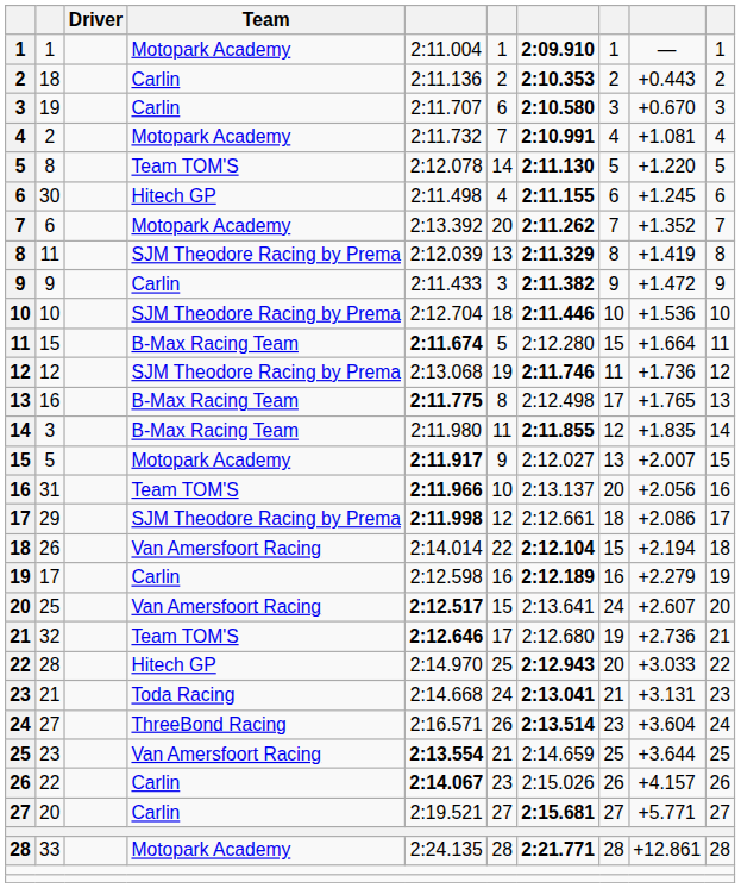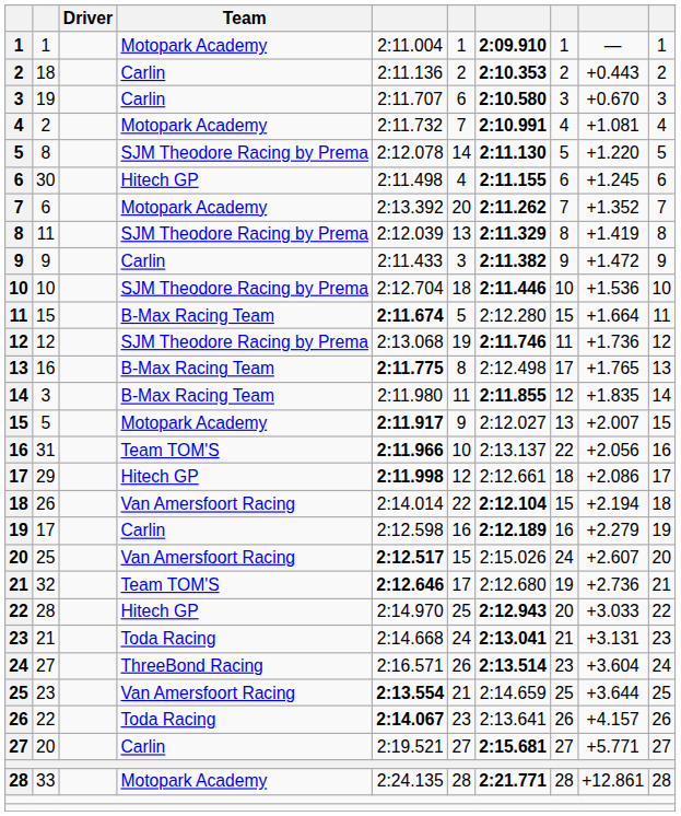 <table class="wikitable" style="font-size:85%;">
 <tr>
 <th scope="col"></th>
 <th scope="col"></th>
 <th scope="col">Driver</th>
 <th scope="col">Team</th>
 <th scope="col"></th>
 <th scope="col"></th>
 <th scope="col"></th>
 <th scope="col"></th>
 <th scope="col"></th>
 <th scope="col"></th>
 </tr>
 <tr>
 <th scope="row">1</th>
 <td align=center>1</td>
 <td></td>
 <td><a href='#'>Motopark Academy</a></td>
 <td align="center">2:11.004</td>
 <td align="center">1</td>
 <td align="center"><strong>2:09.910</strong></td>
 <td align="center">1</td>
 <td align="center">—</td>
 <td align="center">1</td>
 </tr>
 <tr>
 <th scope="row">2</th>
 <td align=center>18</td>
 <td></td>
 <td><a href='#'>Carlin</a></td>
 <td align="center">2:11.136</td>
 <td align="center">2</td>
 <td align="center"><strong>2:10.353</strong></td>
 <td align="center">2</td>
 <td align="center">+0.443</td>
 <td align="center">2</td>
 </tr>
 <tr>
 <th scope="row">3</th>
 <td align=center>19</td>
 <td></td>
 <td><a href='#'>Carlin</a></td>
 <td align="center">2:11.707</td>
 <td align="center">6</td>
 <td align="center"><strong>2:10.580</strong></td>
 <td align="center">3</td>
 <td align="center">+0.670</td>
 <td align="center">3</td>
 </tr>
 <tr>
 <th scope="row">4</th>
 <td align=center>2</td>
 <td></td>
 <td><a href='#'>Motopark Academy</a></td>
 <td align="center">2:11.732</td>
 <td align="center">7</td>
 <td align="center"><strong>2:10.991</strong></td>
 <td align="center">4</td>
 <td align="center">+1.081</td>
 <td align="center">4</td>
 </tr>
 <tr>
 <th scope="row">5</th>
 <td align=center>8</td>
 <td></td>
-<td><a href='#'>Team TOM'S</a></td>
+<td><a href='#'>SJM Theodore Racing by Prema</a></td>
 <td align="center">2:12.078</td>
 <td align="center">14</td>
 <td align="center"><strong>2:11.130</strong></td>
 <td align="center">5</td>
 <td align="center">+1.220</td>
 <td align="center">5</td>
 </tr>
 <tr>
 <th scope="row">6</th>
 <td align=center>30</td>
 <td></td>
 <td><a href='#'>Hitech GP</a></td>
 <td align="center">2:11.498</td>
 <td align="center">4</td>
 <td align="center"><strong>2:11.155</strong></td>
 <td align="center">6</td>
 <td align="center">+1.245</td>
 <td align="center">6</td>
 </tr>
 <tr>
 <th scope="row">7</th>
 <td align=center>6</td>
 <td></td>
 <td><a href='#'>Motopark Academy</a></td>
 <td align="center">2:13.392</td>
 <td align="center">20</td>
 <td align="center"><strong>2:11.262</strong></td>
 <td align="center">7</td>
 <td align="center">+1.352</td>
 <td align="center">7</td>
 </tr>
 <tr>
 <th scope="row">8</th>
 <td align=center>11</td>
 <td></td>
 <td><a href='#'>SJM Theodore Racing by Prema</a></td>
 <td align="center">2:12.039</td>
 <td align="center">13</td>
 <td align="center"><strong>2:11.329</strong></td>
 <td align="center">8</td>
 <td align="center">+1.419</td>
 <td align="center">8</td>
 </tr>
 <tr>
 <th scope="row">9</th>
 <td align=center>9</td>
 <td></td>
 <td><a href='#'>Carlin</a></td>
 <td align="center">2:11.433</td>
 <td align="center">3</td>
 <td align="center"><strong>2:11.382</strong></td>
 <td align="center">9</td>
 <td align="center">+1.472</td>
 <td align="center">9</td>
 </tr>
 <tr>
 <th scope="row">10</th>
 <td align=center>10</td>
 <td></td>
 <td><a href='#'>SJM Theodore Racing by Prema</a></td>
 <td align="center">2:12.704</td>
 <td align="center">18</td>
 <td align="center"><strong>2:11.446</strong></td>
 <td align="center">10</td>
 <td align="center">+1.536</td>
 <td align="center">10</td>
 </tr>
 <tr>
 <th scope="row">11</th>
 <td align=center>15</td>
 <td></td>
 <td><a href='#'>B-Max Racing Team</a></td>
 <td align="center"><strong>2:11.674</strong></td>
 <td align="center">5</td>
 <td align="center">2:12.280</td>
 <td align="center">15</td>
 <td align="center">+1.664</td>
 <td align="center">11</td>
 </tr>
 <tr>
 <th scope="row">12</th>
 <td align=center>12</td>
 <td></td>
 <td><a href='#'>SJM Theodore Racing by Prema</a></td>
 <td align="center">2:13.068</td>
 <td align="center">19</td>
 <td align="center"><strong>2:11.746</strong></td>
 <td align="center">11</td>
 <td align="center">+1.736</td>
 <td align="center">12</td>
 </tr>
 <tr>
 <th scope="row">13</th>
 <td align=center>16</td>
 <td></td>
 <td><a href='#'>B-Max Racing Team</a></td>
 <td align="center"><strong>2:11.775</strong></td>
 <td align="center">8</td>
 <td align="center">2:12.498</td>
 <td align="center">17</td>
 <td align="center">+1.765</td>
 <td align="center">13</td>
 </tr>
 <tr>
 <th scope="row">14</th>
 <td align=center>3</td>
 <td></td>
 <td><a href='#'>B-Max Racing Team</a></td>
 <td align="center">2:11.980</td>
 <td align="center">11</td>
 <td align="center"><strong>2:11.855</strong></td>
 <td align="center">12</td>
 <td align="center">+1.835</td>
 <td align="center">14</td>
 </tr>
 <tr>
 <th scope="row">15</th>
 <td align=center>5</td>
 <td></td>
 <td><a href='#'>Motopark Academy</a></td>
 <td align="center"><strong>2:11.917</strong></td>
 <td align="center">9</td>
 <td align="center">2:12.027</td>
 <td align="center">13</td>
 <td align="center">+2.007</td>
 <td align="center">15</td>
 </tr>
 <tr>
 <th scope="row">16</th>
 <td align=center>31</td>
 <td></td>
 <td><a href='#'>Team TOM'S</a></td>
 <td align="center"><strong>2:11.966</strong></td>
 <td align="center">10</td>
 <td align="center">2:13.137</td>
-<td align="center">20</td>
+<td align="center">22</td>
 <td align="center">+2.056</td>
 <td align="center">16</td>
 </tr>
 <tr>
 <th scope="row">17</th>
 <td align=center>29</td>
 <td></td>
-<td><a href='#'>SJM Theodore Racing by Prema</a></td>
+<td><a href='#'>Hitech GP</a></td>
 <td align="center"><strong>2:11.998</strong></td>
 <td align="center">12</td>
 <td align="center">2:12.661</td>
 <td align="center">18</td>
 <td align="center">+2.086</td>
 <td align="center">17</td>
 </tr>
 <tr>
 <th scope="row">18</th>
 <td align=center>26</td>
 <td></td>
 <td><a href='#'>Van Amersfoort Racing</a></td>
 <td align="center">2:14.014</td>
 <td align="center">22</td>
 <td align="center"><strong>2:12.104</strong></td>
 <td align="center">15</td>
 <td align="center">+2.194</td>
 <td align="center">18</td>
 </tr>
 <tr>
 <th scope="row">19</th>
 <td align=center>17</td>
 <td></td>
 <td><a href='#'>Carlin</a></td>
 <td align="center">2:12.598</td>
 <td align="center">16</td>
 <td align="center"><strong>2:12.189</strong></td>
 <td align="center">16</td>
 <td align="center">+2.279</td>
 <td align="center">19</td>
 </tr>
 <tr>
 <th scope="row">20</th>
 <td align=center>25</td>
 <td></td>
 <td><a href='#'>Van Amersfoort Racing</a></td>
 <td align="center"><strong>2:12.517</strong></td>
 <td align="center">15</td>
-<td align="center">2:13.641</td>
+<td align="center">2:15.026</td>
 <td align="center">24</td>
 <td align="center">+2.607</td>
 <td align="center">20</td>
 </tr>
 <tr>
 <th scope="row">21</th>
 <td align=center>32</td>
 <td></td>
 <td><a href='#'>Team TOM'S</a></td>
 <td align="center"><strong>2:12.646</strong></td>
 <td align="center">17</td>
 <td align="center">2:12.680</td>
 <td align="center">19</td>
 <td align="center">+2.736</td>
 <td align="center">21</td>
 </tr>
 <tr>
 <th scope="row">22</th>
 <td align=center>28</td>
 <td></td>
 <td><a href='#'>Hitech GP</a></td>
 <td align="center">2:14.970</td>
 <td align="center">25</td>
 <td align="center"><strong>2:12.943</strong></td>
 <td align="center">20</td>
 <td align="center">+3.033</td>
 <td align="center">22</td>
 </tr>
 <tr>
 <th scope="row">23</th>
 <td align=center>21</td>
 <td></td>
 <td><a href='#'>Toda Racing</a></td>
 <td align="center">2:14.668</td>
 <td align="center">24</td>
 <td align="center"><strong>2:13.041</strong></td>
 <td align="center">21</td>
 <td align="center">+3.131</td>
 <td align="center">23</td>
 </tr>
 <tr>
 <th scope="row">24</th>
 <td align=center>27</td>
 <td></td>
 <td><a href='#'>ThreeBond Racing</a></td>
 <td align="center">2:16.571</td>
 <td align="center">26</td>
 <td align="center"><strong>2:13.514</strong></td>
 <td align="center">23</td>
 <td align="center">+3.604</td>
 <td align="center">24</td>
 </tr>
 <tr>
 <th scope="row">25</th>
 <td align=center>23</td>
 <td></td>
 <td><a href='#'>Van Amersfoort Racing</a></td>
 <td align="center"><strong>2:13.554</strong></td>
 <td align="center">21</td>
 <td align="center">2:14.659</td>
 <td align="center">25</td>
 <td align="center">+3.644</td>
 <td align="center">25</td>
 </tr>
 <tr>
 <th scope="row">26</th>
 <td align=center>22</td>
 <td></td>
-<td><a href='#'>Carlin</a></td>
+<td><a href='#'>Toda Racing</a></td>
 <td align="center"><strong>2:14.067</strong></td>
 <td align="center">23</td>
-<td align="center">2:15.026</td>
+<td align="center">2:13.641</td>
 <td align="center">26</td>
 <td align="center">+4.157</td>
 <td align="center">26</td>
 </tr>
 <tr>
 <th scope="row">27</th>
 <td align=center>20</td>
 <td></td>
 <td><a href='#'>Carlin</a></td>
 <td align="center">2:19.521</td>
 <td align="center">27</td>
 <td align="center"><strong>2:15.681</strong></td>
 <td align="center">27</td>
 <td align="center">+5.771</td>
 <td align="center">27</td>
 </tr>
 <tr>
 <th colspan=10></th>
 </tr>
 <tr>
 <th scope="row">28</th>
 <td align=center>33</td>
 <td></td>
 <td><a href='#'>Motopark Academy</a></td>
 <td align="center">2:24.135</td>
 <td align="center">28</td>
 <td align="center"><strong>2:21.771</strong></td>
 <td align="center">28</td>
 <td align="center">+12.861</td>
 <td align="center">28</td>
 </tr>
 <tr class="sortbottom">
 <td colspan=10></td>
 </tr>
 <tr class="sortbottom">
 <td colspan=10></td>
 </tr>
 </table>
